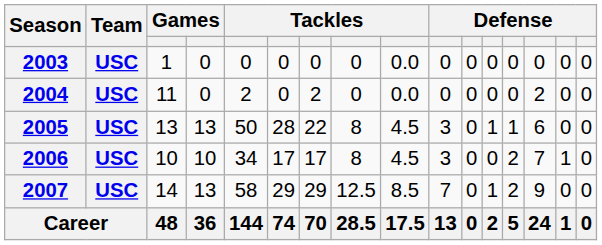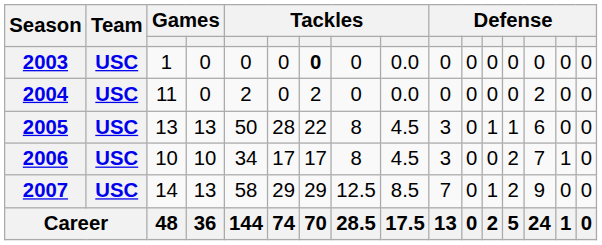 <table class="wikitable" style="text-align: center;">
 <tr>
 <th rowspan="2">Season</th>
 <th rowspan="2">Team</th>
 <th colspan="2">Games</th>
 <th colspan="5">Tackles</th>
 <th colspan="7">Defense</th>
 </tr>
 <tr>
 <th></th>
 <th></th>
 <th></th>
 <th></th>
 <th></th>
 <th></th>
 <th></th>
 <th></th>
 <th></th>
 <th></th>
 <th></th>
 <th></th>
 <th></th>
 <th></th>
 </tr>
 <tr>
 <th><a href='#'>2003</a></th>
 <th><a href='#'>USC</a></th>
 <td>1</td>
 <td>0</td>
 <td>0</td>
 <td>0</td>
-<td>0</td>
+<td><strong>0</strong></td>
 <td>0</td>
 <td>0.0</td>
 <td>0</td>
 <td>0</td>
 <td>0</td>
 <td>0</td>
 <td>0</td>
 <td>0</td>
 <td>0</td>
 </tr>
 <tr>
 <th><a href='#'>2004</a></th>
 <th><a href='#'>USC</a></th>
 <td>11</td>
 <td>0</td>
 <td>2</td>
 <td>0</td>
 <td>2</td>
 <td>0</td>
 <td>0.0</td>
 <td>0</td>
 <td>0</td>
 <td>0</td>
 <td>0</td>
 <td>2</td>
 <td>0</td>
 <td>0</td>
 </tr>
 <tr>
 <th><a href='#'>2005</a></th>
 <th><a href='#'>USC</a></th>
 <td>13</td>
 <td>13</td>
 <td>50</td>
 <td>28</td>
 <td>22</td>
 <td>8</td>
 <td>4.5</td>
 <td>3</td>
 <td>0</td>
 <td>1</td>
 <td>1</td>
 <td>6</td>
 <td>0</td>
 <td>0</td>
 </tr>
 <tr>
 <th><a href='#'>2006</a></th>
 <th><a href='#'>USC</a></th>
 <td>10</td>
 <td>10</td>
 <td>34</td>
 <td>17</td>
 <td>17</td>
 <td>8</td>
 <td>4.5</td>
 <td>3</td>
 <td>0</td>
 <td>0</td>
 <td>2</td>
 <td>7</td>
 <td>1</td>
 <td>0</td>
 </tr>
 <tr>
 <th><a href='#'>2007</a></th>
 <th><a href='#'>USC</a></th>
 <td>14</td>
 <td>13</td>
 <td>58</td>
 <td>29</td>
 <td>29</td>
 <td>12.5</td>
 <td>8.5</td>
 <td>7</td>
 <td>0</td>
 <td>1</td>
 <td>2</td>
 <td>9</td>
 <td>0</td>
 <td>0</td>
 </tr>
 <tr>
 <th colspan="2">Career</th>
 <th>48</th>
 <th>36</th>
 <th>144</th>
 <th>74</th>
 <th>70</th>
 <th>28.5</th>
 <th>17.5</th>
 <th>13</th>
 <th>0</th>
 <th>2</th>
 <th>5</th>
 <th>24</th>
 <th>1</th>
 <th>0</th>
 </tr>
 </table>
